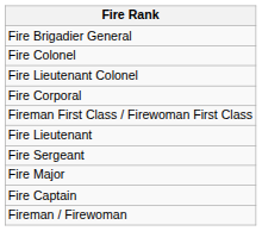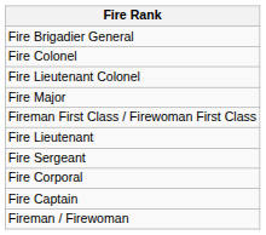 <table class="wikitable" style="display: inline-table;">
 <tr>
 <th>Fire Rank</th>
 </tr>
 <tr>
 <td>Fire Brigadier General</td>
 </tr>
 <tr>
 <td>Fire Colonel</td>
 </tr>
 <tr>
 <td>Fire Lieutenant Colonel</td>
 </tr>
 <tr>
-<td>Fire Corporal</td>
+<td>Fire Major</td>
 </tr>
 <tr>
 <td>Fireman First Class / Firewoman First Class</td>
 </tr>
 <tr>
 <td>Fire Lieutenant</td>
 </tr>
 <tr>
 <td>Fire Sergeant</td>
 </tr>
 <tr>
-<td>Fire Major</td>
+<td>Fire Corporal</td>
 </tr>
 <tr>
 <td>Fire Captain</td>
 </tr>
 <tr>
 <td>Fireman / Firewoman</td>
 </tr>
 </table>
